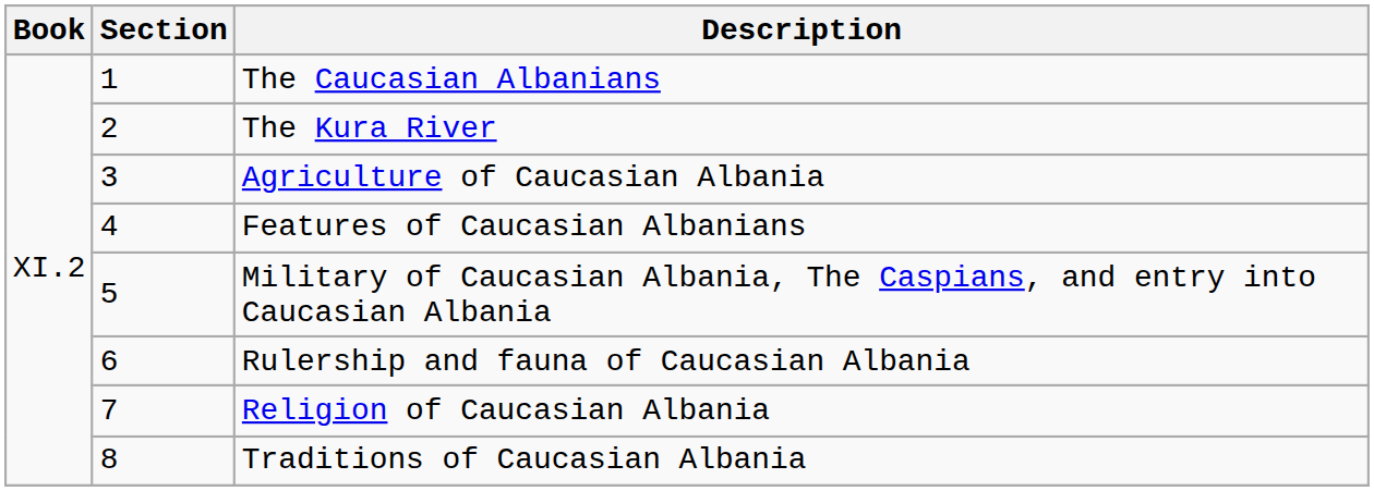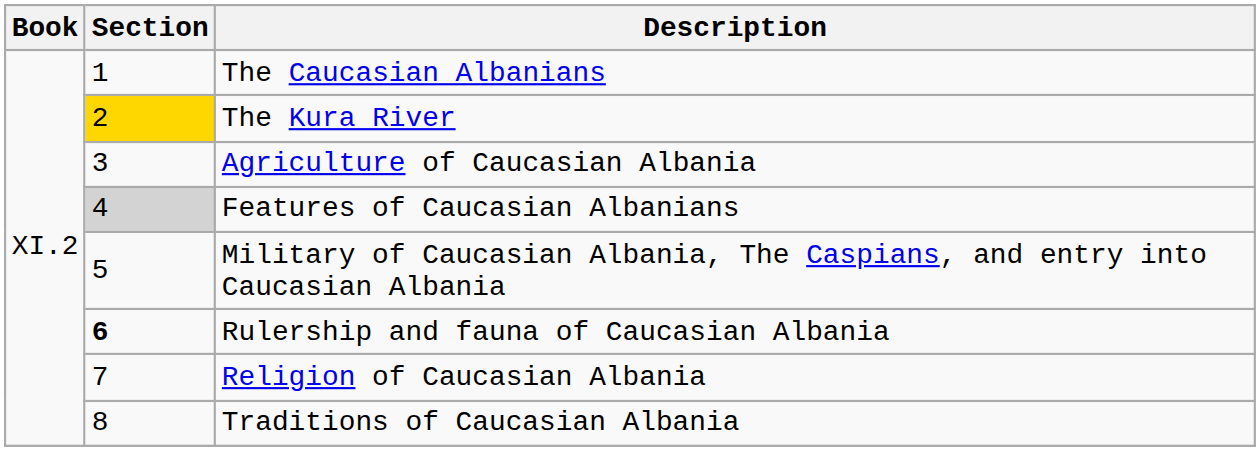 <table class="wikitable" style="max-width:45em;">
 <tr>
 <th>Book</th>
 <th>Section</th>
 <th>Description</th>
 </tr>
 <tr>
 <td rowspan="8">XI.2</td>
 <td>1</td>
 <td>The <a href='#'>Caucasian Albanians</a></td>
 </tr>
 <tr>
-<td>2</td>
+<td style="background: gold;">2</td>
 <td>The <a href='#'>Kura River</a></td>
 </tr>
 <tr>
 <td>3</td>
 <td><a href='#'>Agriculture</a> of Caucasian Albania</td>
 </tr>
 <tr>
-<td>4</td>
+<td style="background: lightgrey;">4</td>
 <td>Features of Caucasian Albanians</td>
 </tr>
 <tr>
 <td>5</td>
 <td>Military of Caucasian Albania, The <a href='#'>Caspians</a>, and entry into Caucasian Albania</td>
 </tr>
 <tr>
-<td>6</td>
+<td><strong>6</strong></td>
 <td>Rulership and fauna of Caucasian Albania</td>
 </tr>
 <tr>
 <td>7</td>
 <td><a href='#'>Religion</a> of Caucasian Albania</td>
 </tr>
 <tr>
 <td>8</td>
 <td>Traditions of Caucasian Albania</td>
 </tr>
 <tr>
 </tr>
 </table>
